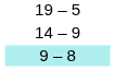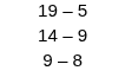 <table style="text-align:center">
 <tr>
 <th width=200></th>
 <th width=100></th>
 <th width=200></th>
 </tr>
 <tr>
 <td align=right><strong></strong></td>
 <td>19 – 5</td>
 <td align=left></td>
 </tr>
 <tr>
 <td align=right><strong></strong></td>
 <td>14 – 9</td>
 <td align=left></td>
 </tr>
 <tr>
 <td align=right><strong></strong></td>
-<td style="background: paleturquoise;">9 – 8</td>
+<td>9 – 8</td>
 <td align=left></td>
 </tr>
 </table>
